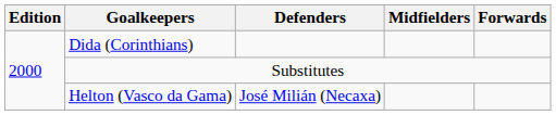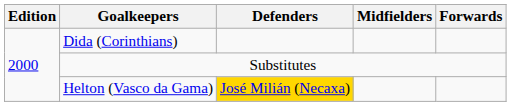 <table class="wikitable">
 <tr>
 <th>Edition</th>
 <th>Goalkeepers</th>
 <th>Defenders</th>
 <th>Midfielders</th>
 <th>Forwards</th>
 </tr>
 <tr>
 <td rowspan="3"><a href='#'>2000</a></td>
 <td style="text-align:left; vertical-align:top;"> <a href='#'>Dida</a> (<a href='#'>Corinthians</a>)</td>
 <td style="text-align:left; vertical-align:top;"></td>
 <td style="text-align:left; vertical-align:top;"></td>
 <td style="text-align:left; vertical-align:top;"></td>
 </tr>
 <tr>
 <td colspan="4" style="text-align:center">Substitutes</td>
 </tr>
 <tr>
 <td style="text-align:left; vertical-align:top;"> <a href='#'>Helton</a> (<a href='#'>Vasco da Gama</a>)</td>
-<td style="text-align:left; vertical-align:top;"> <a href='#'>José Milián</a> (<a href='#'>Necaxa</a>)</td>
+<td style="background: gold; text-align:left; vertical-align:top;"> <a href='#'>José Milián</a> (<a href='#'>Necaxa</a>)</td>
 <td style="text-align:left; vertical-align:top;"></td>
 <td style="text-align:left; vertical-align:top;"></td>
 </tr>
 </table>
